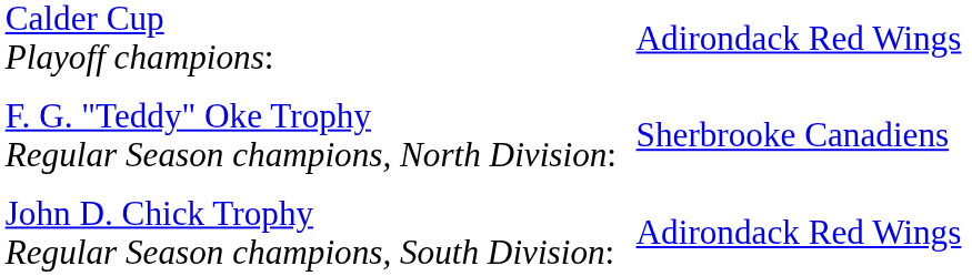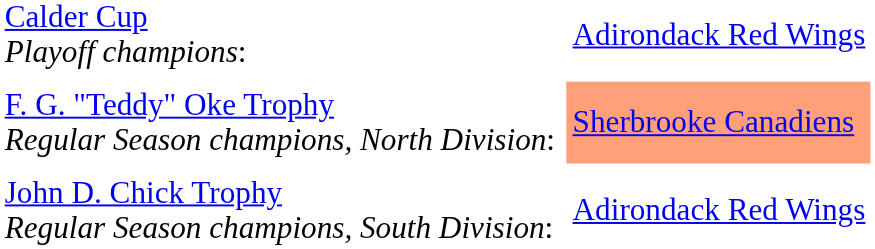 <table cellpadding="3" cellspacing="3">
 <tr>
 <td><a href='#'>Calder Cup</a><br><em>Playoff champions</em>:</td>
 <td><a href='#'>Adirondack Red Wings</a></td>
 </tr>
 <tr>
 <td><a href='#'>F. G. "Teddy" Oke Trophy</a><br><em>Regular Season champions, North Division</em>:</td>
-<td><a href='#'>Sherbrooke Canadiens</a></td>
+<td style="background: lightsalmon;"><a href='#'>Sherbrooke Canadiens</a></td>
 </tr>
 <tr>
 <td><a href='#'>John D. Chick Trophy</a><br><em>Regular Season champions, South Division</em>:</td>
 <td><a href='#'>Adirondack Red Wings</a></td>
 </tr>
 </table>
